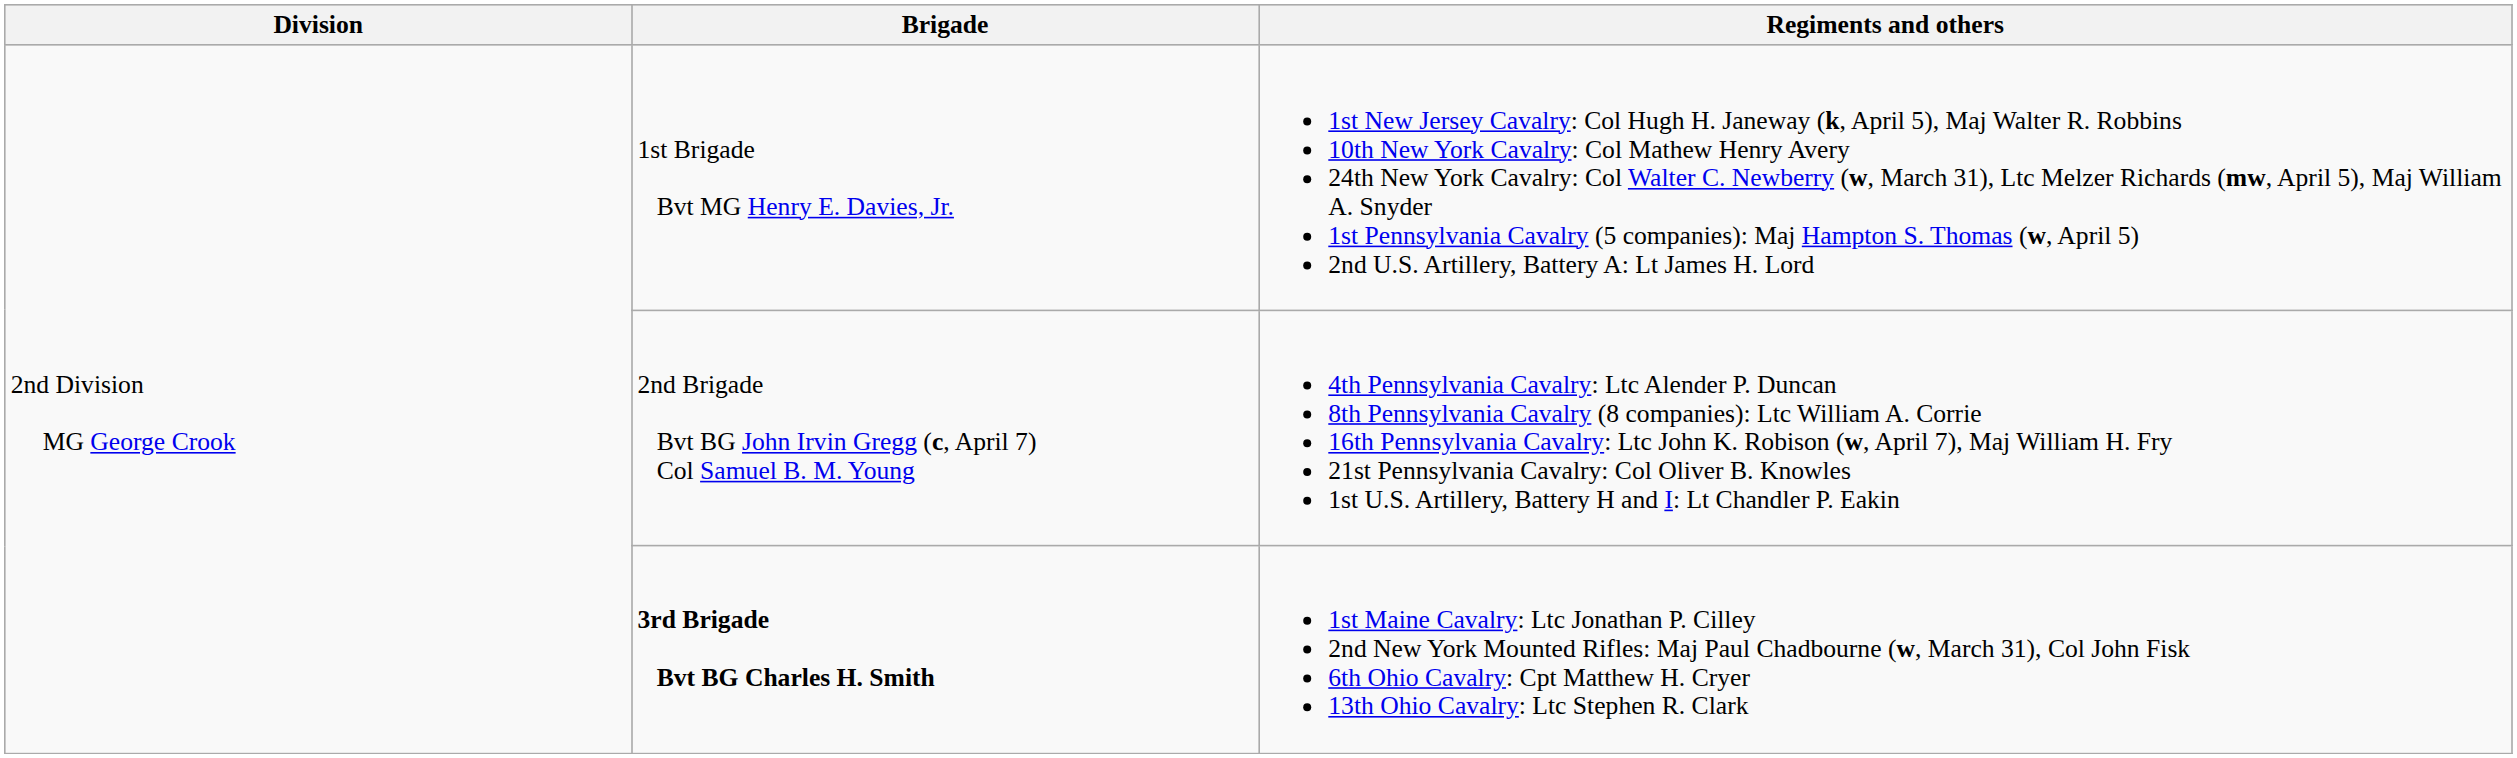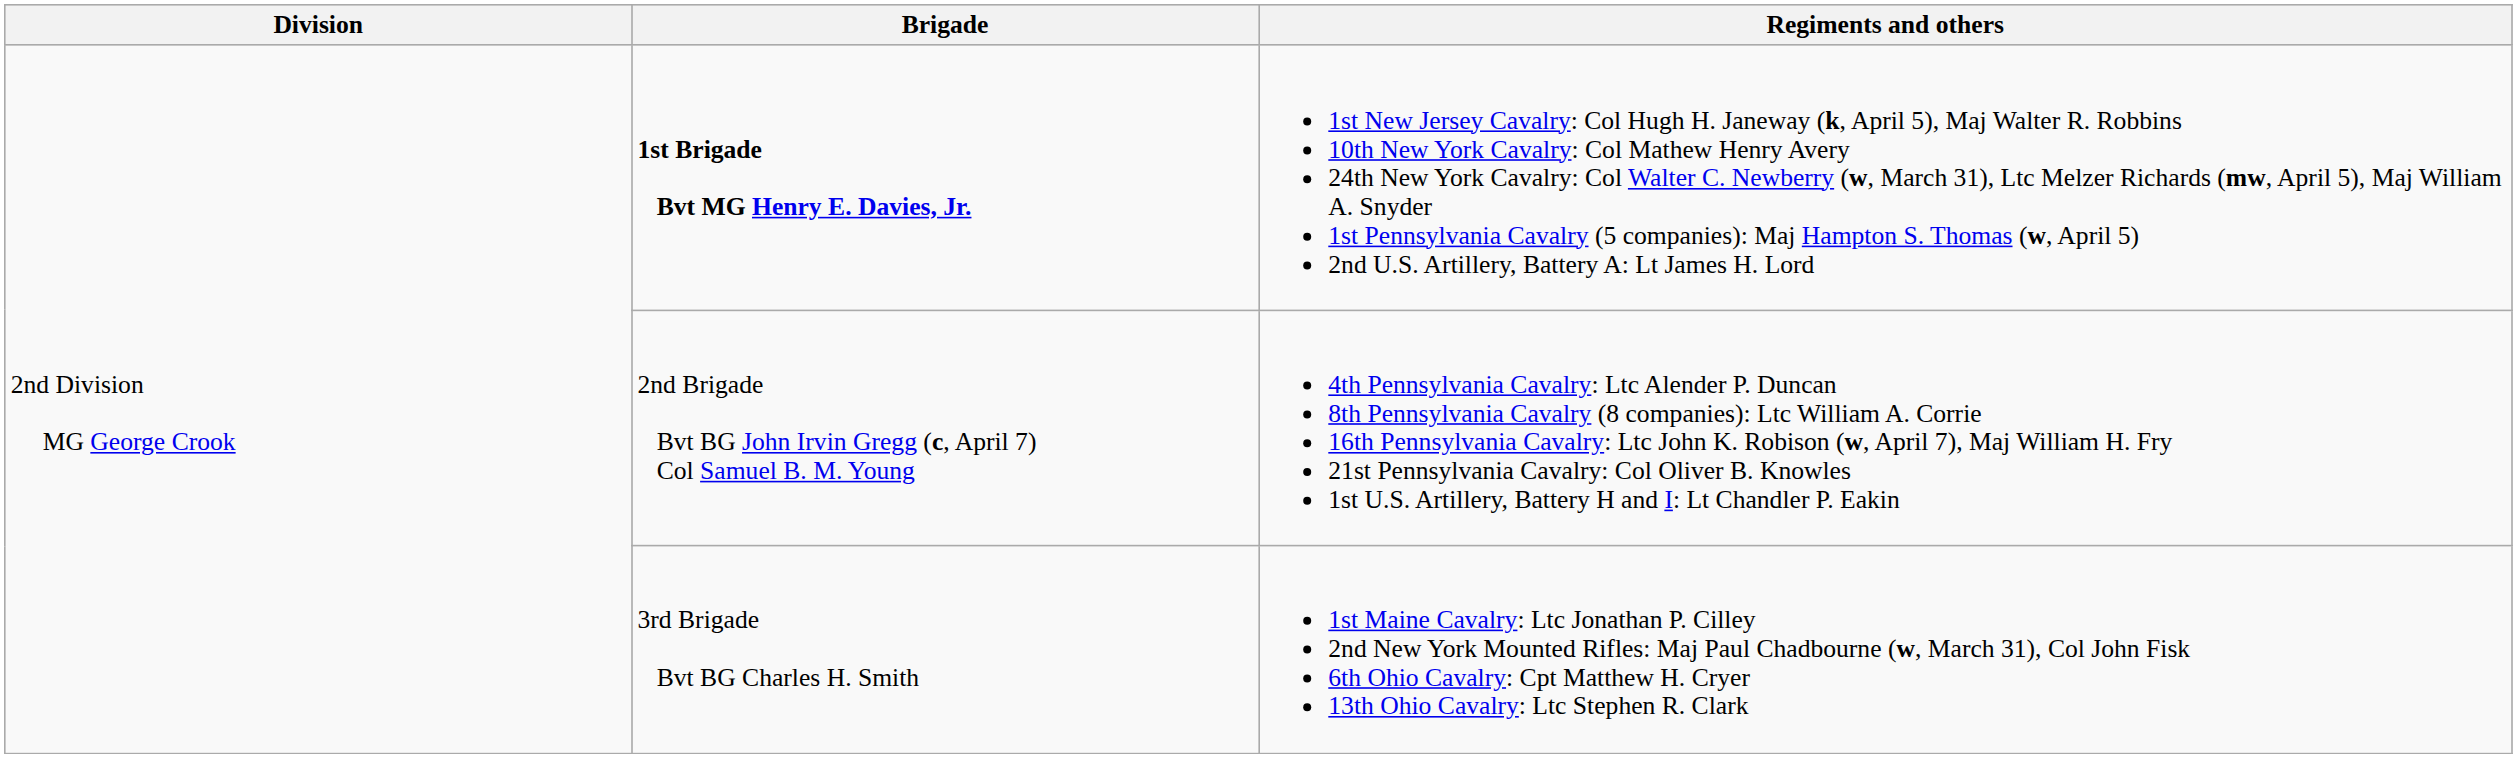 <table class="wikitable">
 <tr>
 <th style="width:25%;">Division</th>
 <th style="width:25%;">Brigade</th>
 <th>Regiments and others</th>
 </tr>
 <tr>
 <td rowspan=3><br>2nd Division<br><br>     MG <a href='#'>George Crook</a></td>
-<td>1st Brigade<br><br>   Bvt MG <a href='#'>Henry E. Davies, Jr.</a></td>
+<td><strong>1st Brigade<br><br>   Bvt MG <a href='#'>Henry E. Davies, Jr.</a></strong></td>
 <td><br><ul><li><a href='#'>1st New Jersey Cavalry</a>: Col Hugh H. Janeway (<strong>k</strong>, April 5), Maj Walter R. Robbins</li><li><a href='#'>10th New York Cavalry</a>: Col Mathew Henry Avery</li><li>24th New York Cavalry: Col <a href='#'>Walter C. Newberry</a> (<strong>w</strong>, March 31), Ltc Melzer Richards (<strong>mw</strong>, April 5), Maj William A. Snyder</li><li><a href='#'>1st Pennsylvania Cavalry</a> (5 companies): Maj <a href='#'>Hampton S. Thomas</a> (<strong>w</strong>, April 5)</li><li>2nd U.S. Artillery, Battery A: Lt James H. Lord</li></ul></td>
 </tr>
 <tr>
 <td>2nd Brigade<br><br>   Bvt BG <a href='#'>John Irvin Gregg</a> (<strong>c</strong>, April 7) <br>   Col <a href='#'>Samuel B. M. Young</a></td>
 <td><br><ul><li><a href='#'>4th Pennsylvania Cavalry</a>: Ltc Alender P. Duncan</li><li><a href='#'>8th Pennsylvania Cavalry</a> (8 companies): Ltc William A. Corrie</li><li><a href='#'>16th Pennsylvania Cavalry</a>: Ltc John K. Robison (<strong>w</strong>, April 7), Maj William H. Fry</li><li>21st Pennsylvania Cavalry: Col Oliver B. Knowles</li><li>1st U.S. Artillery, Battery H and <a href='#'>I</a>: Lt Chandler P. Eakin</li></ul></td>
 </tr>
 <tr>
-<td><strong>3rd Brigade<br><br>   Bvt BG Charles H. Smith</strong></td>
+<td>3rd Brigade<br><br>   Bvt BG Charles H. Smith</td>
 <td><br><ul><li><a href='#'>1st Maine Cavalry</a>: Ltc Jonathan P. Cilley</li><li>2nd New York Mounted Rifles: Maj Paul Chadbourne (<strong>w</strong>, March 31), Col John Fisk</li><li><a href='#'>6th Ohio Cavalry</a>: Cpt Matthew H. Cryer</li><li><a href='#'>13th Ohio Cavalry</a>: Ltc Stephen R. Clark</li></ul></td>
 </tr>
 </table>
